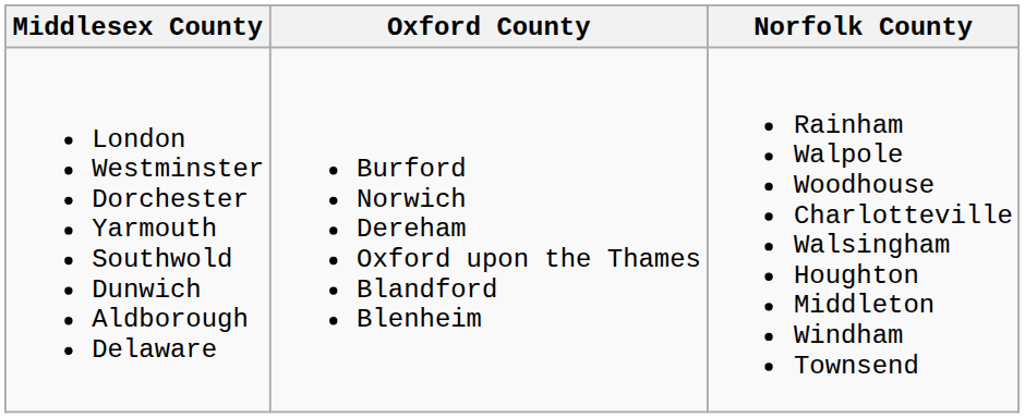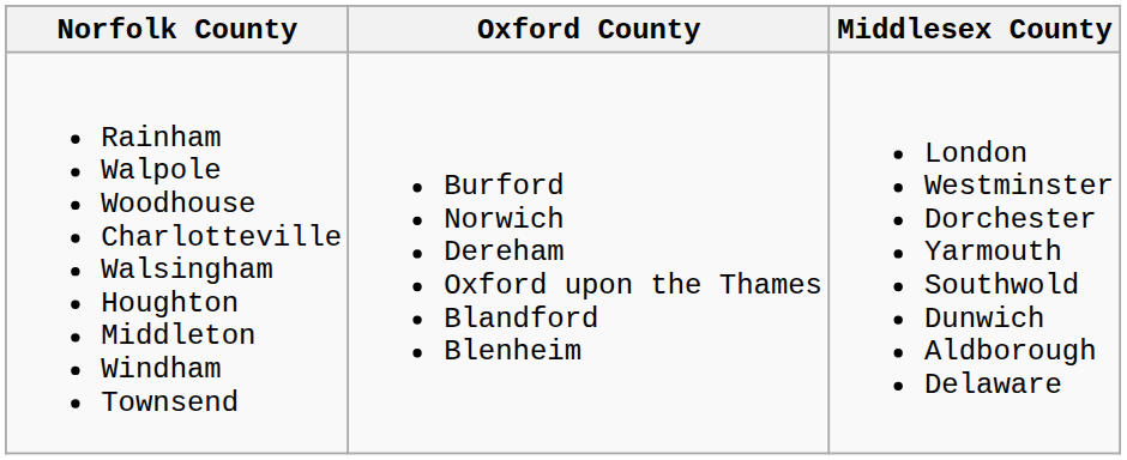 <table class="wikitable">
 <tr>
+<th>Norfolk County</th>
+<th>Oxford County</th>
 <th>Middlesex County</th>
-<th>Oxford County</th>
-<th>Norfolk County</th>
 </tr>
 <tr>
+<td><br><ul><li>Rainham</li><li>Walpole</li><li>Woodhouse</li><li>Charlotteville</li><li>Walsingham</li><li>Houghton</li><li>Middleton</li><li>Windham</li><li>Townsend</li></ul></td>
+<td><br><ul><li>Burford</li><li>Norwich</li><li>Dereham</li><li>Oxford upon the Thames</li><li>Blandford</li><li>Blenheim</li></ul></td>
 <td><br><ul><li>London</li><li>Westminster</li><li>Dorchester</li><li>Yarmouth</li><li>Southwold</li><li>Dunwich</li><li>Aldborough</li><li>Delaware</li></ul></td>
-<td><br><ul><li>Burford</li><li>Norwich</li><li>Dereham</li><li>Oxford upon the Thames</li><li>Blandford</li><li>Blenheim</li></ul></td>
-<td><br><ul><li>Rainham</li><li>Walpole</li><li>Woodhouse</li><li>Charlotteville</li><li>Walsingham</li><li>Houghton</li><li>Middleton</li><li>Windham</li><li>Townsend</li></ul></td>
 </tr>
 </table>
